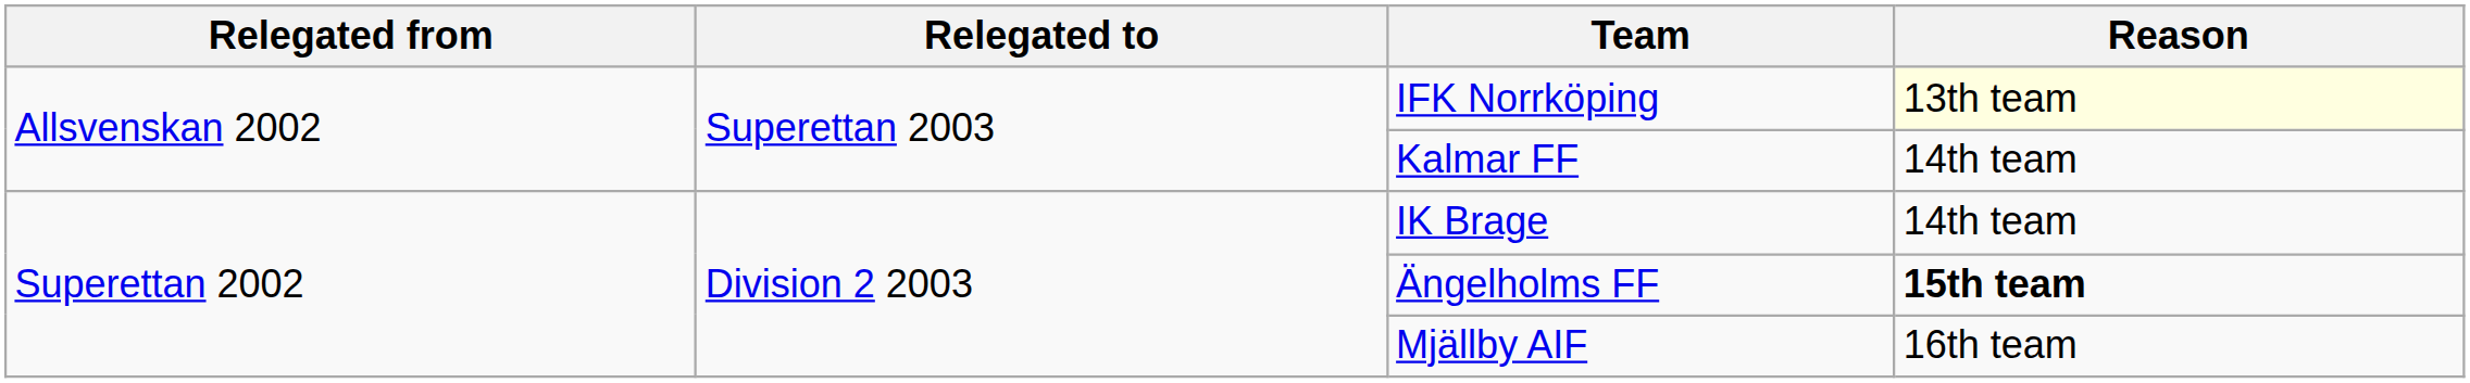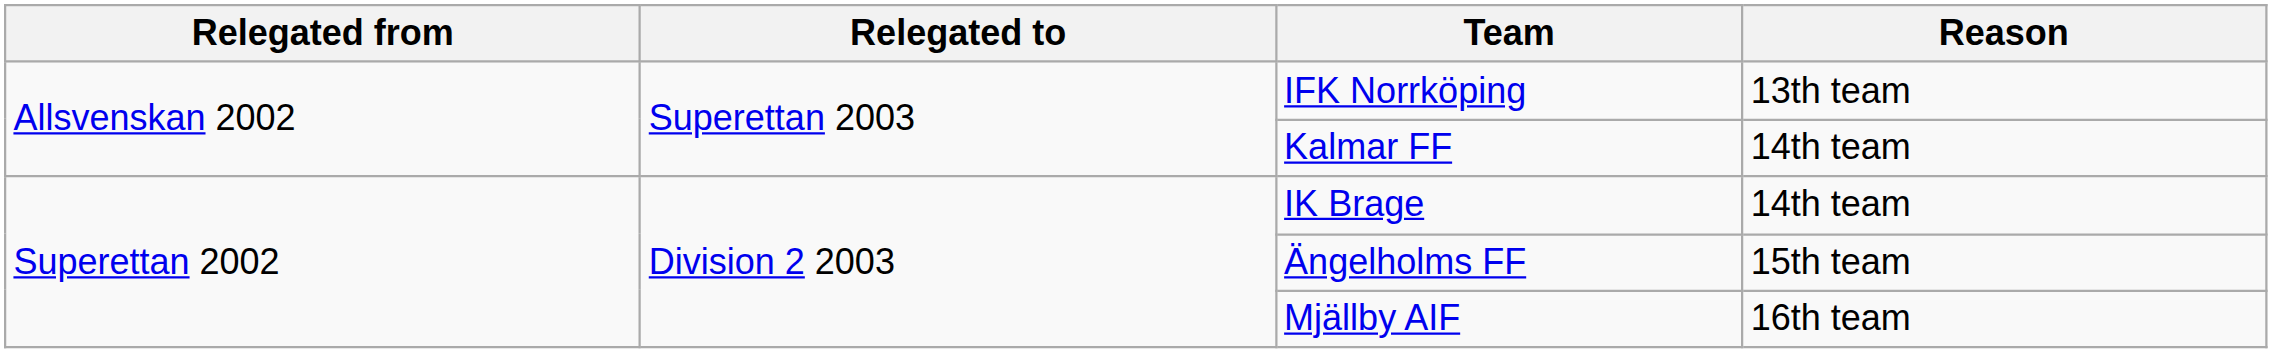 <table class="wikitable" style="text-align: left;">
 <tr>
 <th style="width: 275px;">Relegated from</th>
 <th style="width: 275px;">Relegated to</th>
 <th style="width: 200px;">Team</th>
 <th style="width: 225px;">Reason</th>
 </tr>
 <tr>
 <td rowspan=2><a href='#'>Allsvenskan</a> 2002</td>
 <td rowspan=2><a href='#'>Superettan</a> 2003</td>
 <td><a href='#'>IFK Norrköping</a></td>
-<td style="background: lightyellow;">13th team</td>
+<td>13th team</td>
 </tr>
 <tr>
 <td><a href='#'>Kalmar FF</a></td>
 <td>14th team</td>
 </tr>
 <tr>
 <td rowspan=3><a href='#'>Superettan</a> 2002</td>
 <td rowspan=3><a href='#'>Division 2</a> 2003</td>
 <td><a href='#'>IK Brage</a></td>
 <td>14th team</td>
 </tr>
 <tr>
 <td><a href='#'>Ängelholms FF</a></td>
-<td><strong>15th team</strong></td>
+<td>15th team</td>
 </tr>
 <tr>
 <td><a href='#'>Mjällby AIF</a></td>
 <td>16th team</td>
 </tr>
 </table>
